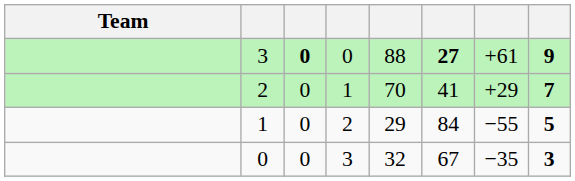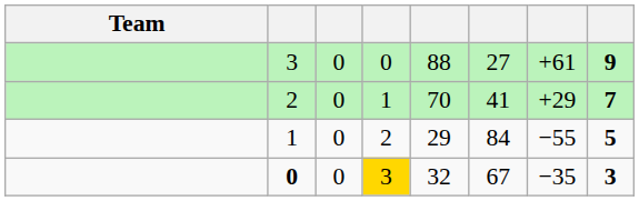 <table class="wikitable" style="text-align:center;">
 <tr>
 <th style="width:10.5em;">Team</th>
 <th style="width:1.5em;"></th>
 <th style="width:1.5em;"></th>
 <th style="width:1.5em;"></th>
 <th style="width:2.0em;"></th>
 <th style="width:2.0em;"></th>
 <th style="width:2.0em;"></th>
 <th style="width:1.5em;"></th>
 </tr>
 <tr bgcolor=#BBF3BB>
 <td align="left"></td>
 <td>3</td>
-<td><strong>0</strong></td>
+<td>0</td>
 <td>0</td>
 <td>88</td>
-<td><strong>27</strong></td>
+<td>27</td>
 <td>+61</td>
 <td><strong>9</strong></td>
 </tr>
 <tr bgcolor=#BBF3BB>
 <td align="left"></td>
 <td>2</td>
 <td>0</td>
 <td>1</td>
 <td>70</td>
 <td>41</td>
 <td>+29</td>
 <td><strong>7</strong></td>
 </tr>
 <tr>
 <td align="left"></td>
 <td>1</td>
 <td>0</td>
 <td>2</td>
 <td>29</td>
 <td>84</td>
 <td>−55</td>
 <td><strong>5</strong></td>
 </tr>
 <tr>
 <td align="left"></td>
+<td><strong>0</strong></td>
 <td>0</td>
-<td>0</td>
-<td>3</td>
+<td style="background: gold;">3</td>
 <td>32</td>
 <td>67</td>
 <td>−35</td>
 <td><strong>3</strong></td>
 </tr>
 </table>
